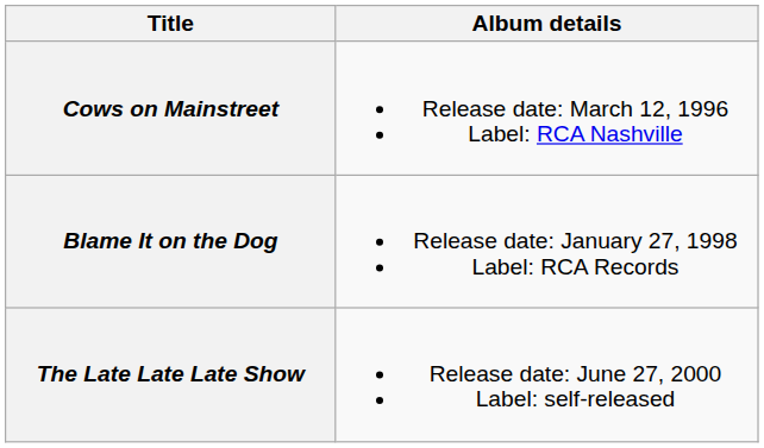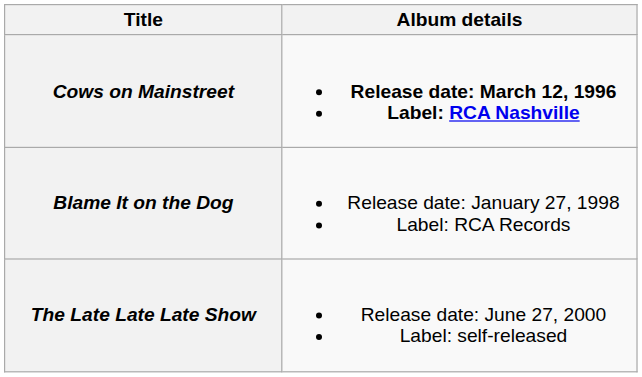 <table class="wikitable plainrowheaders" style="text-align:center;">
 <tr>
 <th style="width:14em;">Title</th>
 <th style="width:18em;">Album details</th>
 </tr>
 <tr>
 <th scope="row"><em>Cows on Mainstreet</em></th>
-<td><br><ul><li>Release date: March 12, 1996</li><li>Label: <a href='#'>RCA Nashville</a></li></ul></td>
+<td><strong><br><ul><li>Release date: March 12, 1996</li><li>Label: <a href='#'>RCA Nashville</a></li></ul></strong></td>
 </tr>
 <tr>
 <th scope="row"><em>Blame It on the Dog</em></th>
 <td><br><ul><li>Release date: January 27, 1998</li><li>Label: RCA Records</li></ul></td>
 </tr>
 <tr>
 <th scope="row"><em>The Late Late Late Show</em></th>
 <td><br><ul><li>Release date: June 27, 2000</li><li>Label: self-released</li></ul></td>
 </tr>
 </table>
